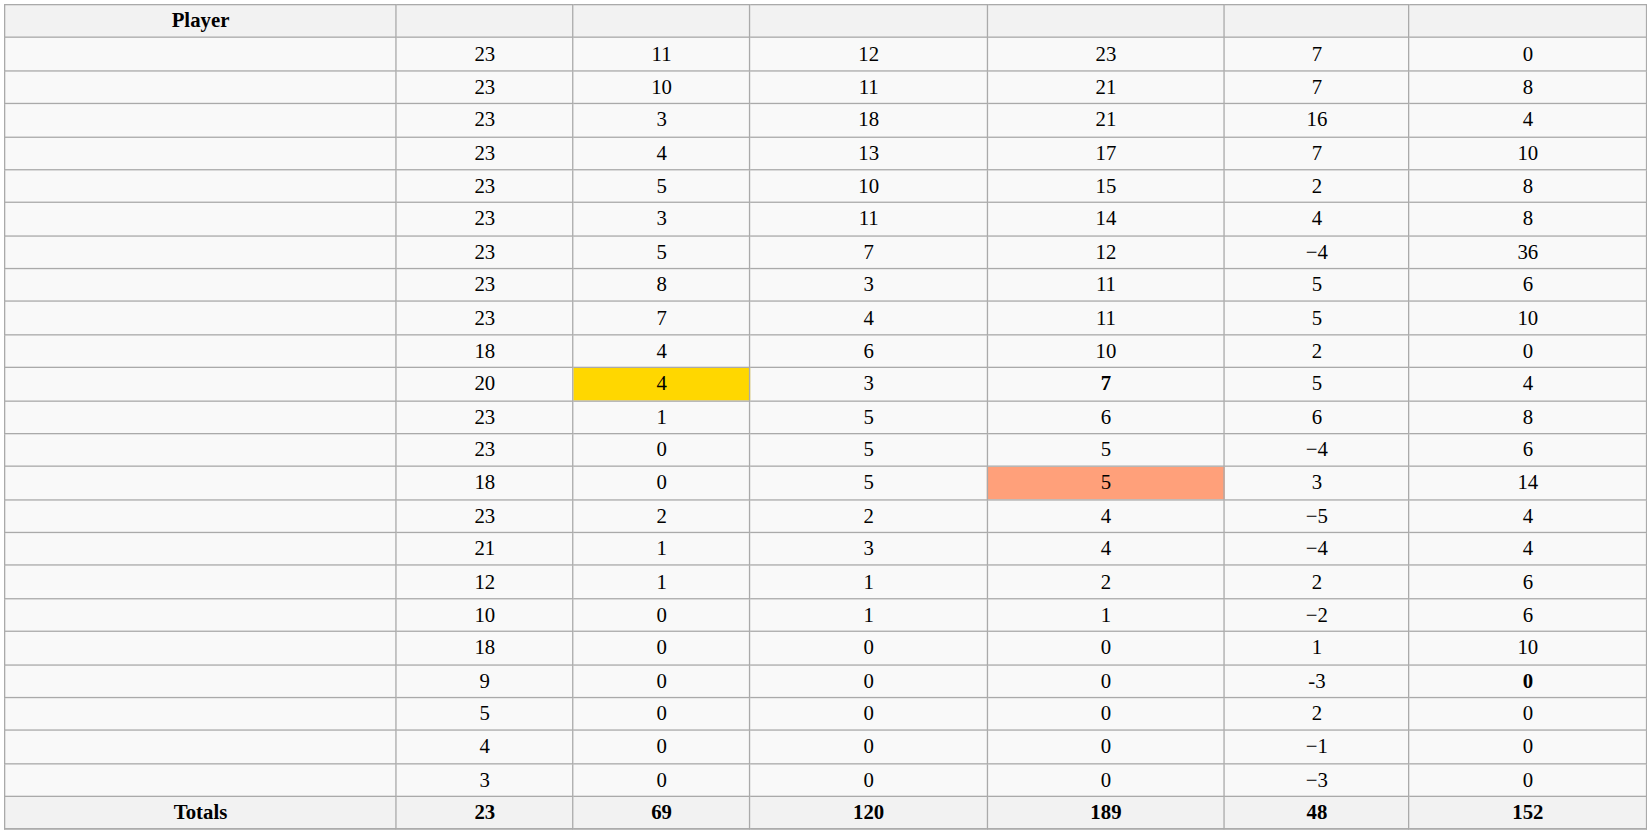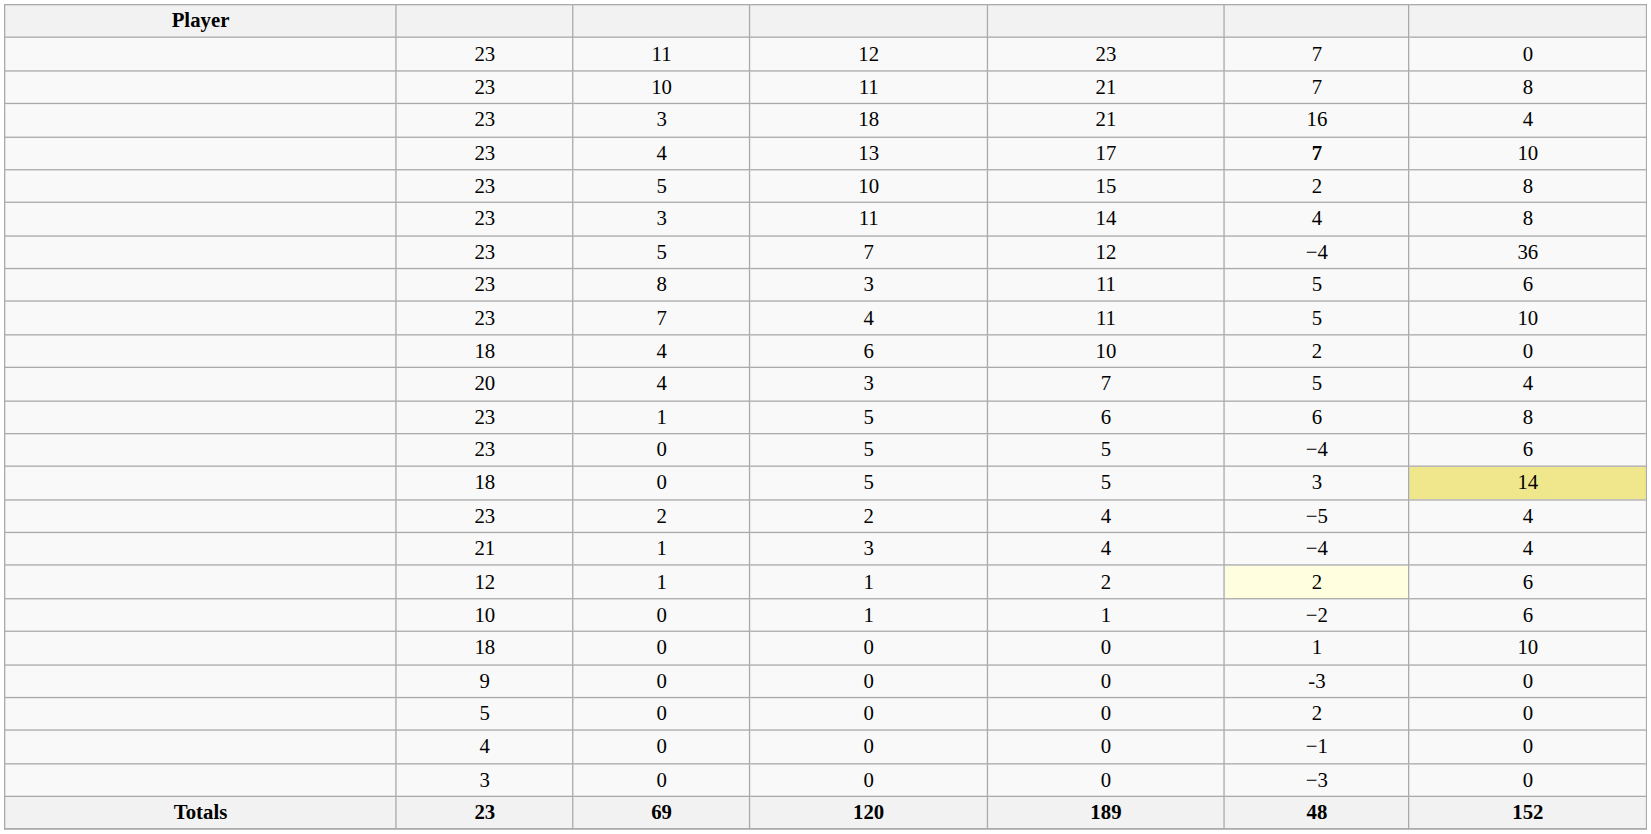 <table class="wikitable sortable" style="width:100%;">
 <tr align=center>
 <th>Player</th>
 <th></th>
 <th></th>
 <th></th>
 <th></th>
 <th data-sort-type="number"></th>
 <th></th>
 </tr>
 <tr align=center>
 <td></td>
 <td>23</td>
 <td>11</td>
 <td>12</td>
 <td>23</td>
 <td>7</td>
 <td>0</td>
 </tr>
 <tr align=center>
 <td></td>
 <td>23</td>
 <td>10</td>
 <td>11</td>
 <td>21</td>
 <td>7</td>
 <td>8</td>
 </tr>
 <tr align=center>
 <td></td>
 <td>23</td>
 <td>3</td>
 <td>18</td>
 <td>21</td>
 <td>16</td>
 <td>4</td>
 </tr>
 <tr align=center>
 <td></td>
 <td>23</td>
 <td>4</td>
 <td>13</td>
 <td>17</td>
-<td>7</td>
+<td><strong>7</strong></td>
 <td>10</td>
 </tr>
 <tr align=center>
 <td></td>
 <td>23</td>
 <td>5</td>
 <td>10</td>
 <td>15</td>
 <td>2</td>
 <td>8</td>
 </tr>
 <tr align=center>
 <td></td>
 <td>23</td>
 <td>3</td>
 <td>11</td>
 <td>14</td>
 <td>4</td>
 <td>8</td>
 </tr>
 <tr align=center>
 <td></td>
 <td>23</td>
 <td>5</td>
 <td>7</td>
 <td>12</td>
 <td>−4</td>
 <td>36</td>
 </tr>
 <tr align=center>
 <td></td>
 <td>23</td>
 <td>8</td>
 <td>3</td>
 <td>11</td>
 <td>5</td>
 <td>6</td>
 </tr>
 <tr align=center>
 <td></td>
 <td>23</td>
 <td>7</td>
 <td>4</td>
 <td>11</td>
 <td>5</td>
 <td>10</td>
 </tr>
 <tr align=center>
 <td></td>
 <td>18</td>
 <td>4</td>
 <td>6</td>
 <td>10</td>
 <td>2</td>
 <td>0</td>
 </tr>
 <tr align=center>
 <td></td>
 <td>20</td>
-<td style="background: gold;">4</td>
+<td>4</td>
 <td>3</td>
-<td><strong>7</strong></td>
+<td>7</td>
 <td>5</td>
 <td>4</td>
 </tr>
 <tr align=center>
 <td></td>
 <td>23</td>
 <td>1</td>
 <td>5</td>
 <td>6</td>
 <td>6</td>
 <td>8</td>
 </tr>
 <tr align=center>
 <td></td>
 <td>23</td>
 <td>0</td>
 <td>5</td>
 <td>5</td>
 <td>−4</td>
 <td>6</td>
 </tr>
 <tr align=center>
 <td></td>
 <td>18</td>
 <td>0</td>
 <td>5</td>
-<td style="background: lightsalmon;">5</td>
+<td>5</td>
 <td>3</td>
-<td>14</td>
+<td style="background: khaki;">14</td>
 </tr>
 <tr align=center>
 <td></td>
 <td>23</td>
 <td>2</td>
 <td>2</td>
 <td>4</td>
 <td>−5</td>
 <td>4</td>
 </tr>
 <tr align=center>
 <td></td>
 <td>21</td>
 <td>1</td>
 <td>3</td>
 <td>4</td>
 <td>−4</td>
 <td>4</td>
 </tr>
 <tr align=center>
 <td></td>
 <td>12</td>
 <td>1</td>
 <td>1</td>
 <td>2</td>
-<td>2</td>
+<td style="background: lightyellow;">2</td>
 <td>6</td>
 </tr>
 <tr align=center>
 <td></td>
 <td>10</td>
 <td>0</td>
 <td>1</td>
 <td>1</td>
 <td>−2</td>
 <td>6</td>
 </tr>
 <tr align=center>
 <td></td>
 <td>18</td>
 <td>0</td>
 <td>0</td>
 <td>0</td>
 <td>1</td>
 <td>10</td>
 </tr>
 <tr align=center>
 <td></td>
 <td>9</td>
 <td>0</td>
 <td>0</td>
 <td>0</td>
 <td>-3</td>
-<td><strong>0</strong></td>
+<td>0</td>
 </tr>
 <tr align=center>
 <td></td>
 <td>5</td>
 <td>0</td>
 <td>0</td>
 <td>0</td>
 <td>2</td>
 <td>0</td>
 </tr>
 <tr align=center>
 <td></td>
 <td>4</td>
 <td>0</td>
 <td>0</td>
 <td>0</td>
 <td>−1</td>
 <td>0</td>
 </tr>
 <tr align=center>
 <td></td>
 <td>3</td>
 <td>0</td>
 <td>0</td>
 <td>0</td>
 <td>−3</td>
 <td>0</td>
 </tr>
 <tr class="unsortable">
 <th>Totals</th>
 <th>23</th>
 <th>69</th>
 <th>120</th>
 <th>189</th>
 <th>48</th>
 <th>152</th>
 </tr>
 <tr>
 </tr>
 </table>
